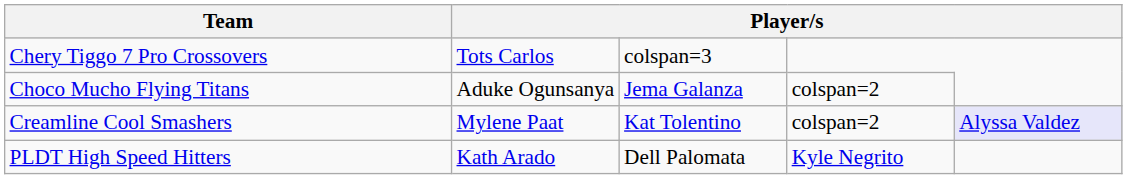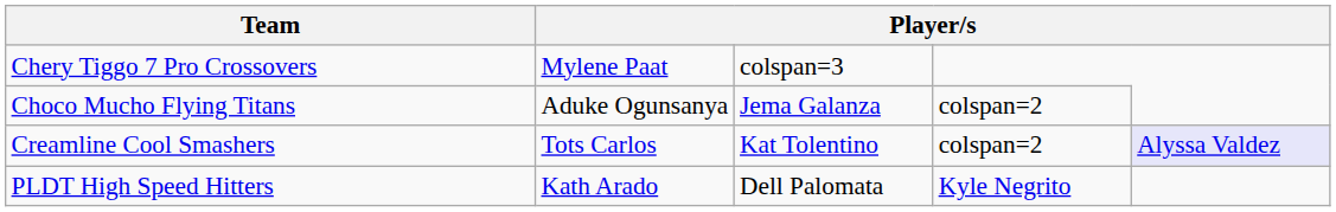 <table class="wikitable"; font-size:85%; text-align:left">
 <tr>
 <th width=40%>Team</th>
 <th colspan=4 width=60%>Player/s</th>
 </tr>
 <tr>
 <td><a href='#'>Chery Tiggo 7 Pro Crossovers</a></td>
-<td width=15%><a href='#'>Tots Carlos</a></td>
+<td><a href='#'>Mylene Paat</a></td>
 <td>colspan=3</td>
 </tr>
 <tr>
 <td><a href='#'>Choco Mucho Flying Titans</a></td>
 <td>Aduke Ogunsanya</td>
 <td width=15%><a href='#'>Jema Galanza</a></td>
 <td>colspan=2</td>
 </tr>
 <tr>
 <td><a href='#'>Creamline Cool Smashers</a></td>
-<td><a href='#'>Mylene Paat</a></td>
+<td width=15%><a href='#'>Tots Carlos</a></td>
 <td><a href='#'>Kat Tolentino</a></td>
 <td>colspan=2</td>
 <td width=15% style="background: lavender;"><a href='#'>Alyssa Valdez</a></td>
 </tr>
 <tr>
 <td><a href='#'>PLDT High Speed Hitters</a></td>
 <td><a href='#'>Kath Arado</a></td>
 <td>Dell Palomata</td>
 <td width=15%><a href='#'>Kyle Negrito</a></td>
 </tr>
 </table>
